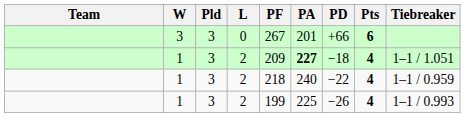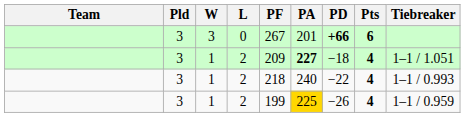 <table class=wikitable style="text-align:center">
 <tr>
 <th width=180>Team</th>
+<th width=30>Pld</th>
 <th width=30>W</th>
-<th width=30>Pld</th>
 <th width=30>L</th>
 <th width=30>PF</th>
 <th width=30>PA</th>
 <th width=30>PD</th>
 <th width=30>Pts</th>
 <th width=80>Tiebreaker</th>
 </tr>
 <tr bgcolor="#ccffcc">
 <td align=left></td>
 <td>3</td>
 <td>3</td>
 <td>0</td>
 <td>267</td>
 <td>201</td>
-<td>+66</td>
+<td><strong>+66</strong></td>
 <td><strong>6</strong></td>
 <td></td>
 </tr>
 <tr bgcolor="#ccffcc">
 <td align=left></td>
+<td>3</td>
 <td>1</td>
-<td>3</td>
 <td>2</td>
 <td>209</td>
 <td><strong>227</strong></td>
 <td>−18</td>
 <td><strong>4</strong></td>
 <td>1–1 / 1.051</td>
 </tr>
 <tr align=center>
 <td align=left></td>
+<td>3</td>
 <td>1</td>
-<td>3</td>
 <td>2</td>
 <td>218</td>
 <td>240</td>
 <td>−22</td>
 <td><strong>4</strong></td>
-<td>1–1 / 0.959</td>
+<td>1–1 / 0.993</td>
 </tr>
 <tr align=center>
 <td align=left></td>
+<td>3</td>
 <td>1</td>
-<td>3</td>
 <td>2</td>
 <td>199</td>
-<td>225</td>
+<td style="background: gold;">225</td>
 <td>−26</td>
 <td><strong>4</strong></td>
-<td>1–1 / 0.993</td>
+<td>1–1 / 0.959</td>
 </tr>
 </table>
